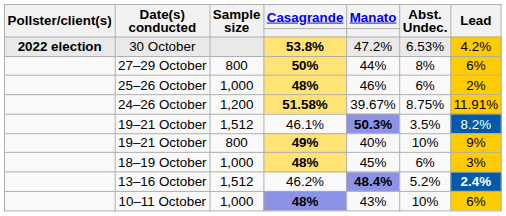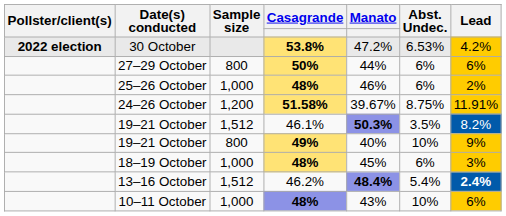 <table class="wikitable sortable" style="text-align:center;font-size:90%;line-height:14px;">
 <tr>
 <th rowspan="2">Pollster/client(s)</th>
 <th rowspan="2">Date(s)<br>conducted</th>
 <th rowspan="2" data-sort-type="number">Sample<br>size</th>
 <th class="unsortable" style="width:50px;"><a href='#'>Casagrande</a><br></th>
 <th class="unsortable" style="width:50px;"><a href='#'>Manato</a><br></th>
 <th rowspan="2" class="unsortable">Abst.<br>Undec.</th>
 <th rowspan="2" data-sort-type="number">Lead</th>
 </tr>
 <tr>
 <th data-sort-type="number" class="sortable" style="background:"></th>
 <th data-sort-type="number" class="sortable" style="background:"></th>
 </tr>
 <tr style="background:#E9E9E9;">
 <td><strong>2022 election</strong></td>
 <td>30 October</td>
 <td></td>
 <td style="background:#FFE375;"><strong>53.8%</strong></td>
 <td>47.2%</td>
 <td>6.53%</td>
 <td style="background:#FFCC00;">4.2%</td>
 </tr>
 <tr>
 <td></td>
 <td>27–29 October</td>
 <td>800</td>
 <td style="background:#FFE375;"><strong>50%</strong></td>
 <td>44%</td>
-<td>8%</td>
+<td>6%</td>
 <td style="background:#FFCC00;">6%</td>
 </tr>
 <tr>
 <td></td>
 <td>25–26 October</td>
 <td>1,000</td>
 <td style="background:#FFE375;"><strong>48%</strong></td>
 <td>46%</td>
 <td>6%</td>
 <td style="background:#FFCC00;">2%</td>
 </tr>
 <tr>
 <td></td>
 <td>24–26 October</td>
 <td>1,200</td>
 <td style="background:#FFE375;"><strong>51.58%</strong></td>
 <td>39.67%</td>
 <td>8.75%</td>
 <td style="background:#FFCC00;">11.91%</td>
 </tr>
 <tr>
 <td></td>
 <td>19–21 October</td>
 <td>1,512</td>
 <td>46.1%</td>
 <td style="background:#8C92E6;"><strong>50.3%</strong></td>
 <td>3.5%</td>
 <td style="background:#015AAA; color:white">8.2%</td>
 </tr>
 <tr>
 <td></td>
 <td>19–21 October</td>
 <td>800</td>
 <td style="background:#FFE375;"><strong>49%</strong></td>
 <td>40%</td>
 <td>10%</td>
 <td style="background:#FFCC00;">9%</td>
 </tr>
 <tr>
 <td></td>
 <td>18–19 October</td>
 <td>1,000</td>
 <td style="background:#FFE375;"><strong>48%</strong></td>
 <td>45%</td>
 <td>6%</td>
 <td style="background:#FFCC00;">3%</td>
 </tr>
 <tr>
 <td></td>
 <td>13–16 October</td>
 <td>1,512</td>
 <td>46.2%</td>
 <td style="background:#8C92E6;"><strong>48.4%</strong></td>
-<td>5.2%</td>
+<td>5.4%</td>
 <td style="background:#015AAA; color:white"><strong>2.4%</strong></td>
 </tr>
 <tr>
 <td></td>
 <td>10–11 October</td>
 <td>1,000</td>
 <td style="background:#8C92E6;"><strong>48%</strong></td>
 <td>43%</td>
 <td>10%</td>
 <td style="background:#FFCC00;">6%</td>
 </tr>
 </table>
